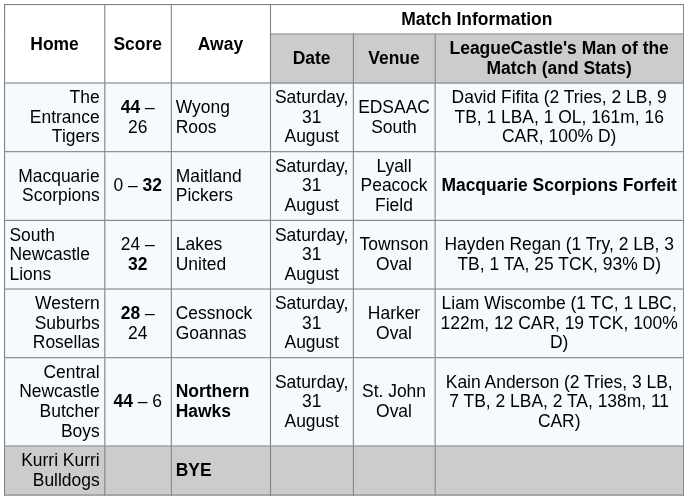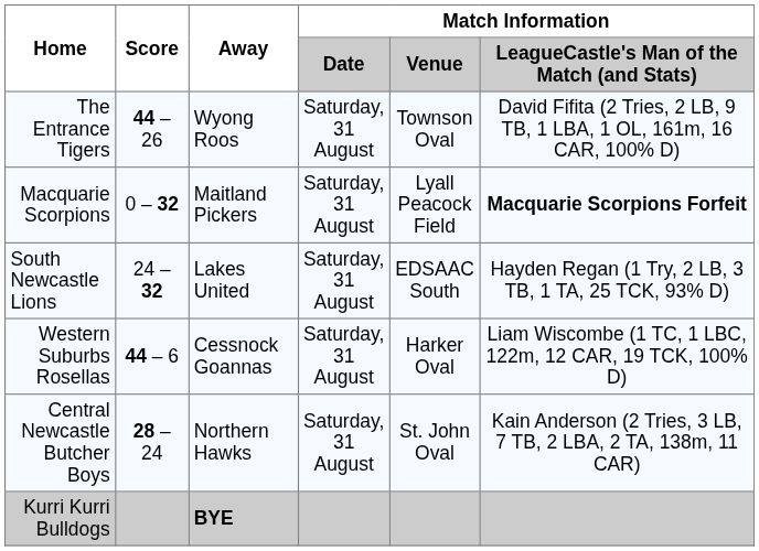 <table width="100%" cellspacing="0" cellpadding="4" border="1" style="border-collapse:collapse;  text-align:center;">
 <tr>
 <th rowspan="2" width="15%">Home</th>
 <th rowspan="2" width="10%">Score</th>
 <th rowspan="2" width="15%">Away</th>
 <th colspan="4">Match Information</th>
 </tr>
 <tr style="background:#CCCCCC">
 <th width="10%">Date</th>
 <th width="10%">Venue</th>
 <th width="40%">LeagueCastle's Man of the Match (and Stats)</th>
 </tr>
 <tr style="text-align:center; background:#f5faff;">
 <td align="right"> The Entrance Tigers</td>
 <td><strong>44</strong> – 26</td>
 <td align="left"> Wyong Roos</td>
 <td>Saturday, 31 August</td>
-<td>EDSAAC South</td>
+<td>Townson Oval</td>
 <td>David Fifita  (2 Tries, 2 LB, 9 TB, 1 LBA, 1 OL, 161m, 16 CAR, 100% D)</td>
 </tr>
 <tr style="text-align:center; background:#f5faff;">
 <td align="right"> Macquarie Scorpions</td>
 <td>0 – <strong>32</strong></td>
 <td align="left"> Maitland Pickers</td>
 <td>Saturday, 31 August</td>
 <td>Lyall Peacock Field</td>
 <td><strong>Macquarie Scorpions Forfeit</strong></td>
 </tr>
 <tr style="text-align:center; background:#f5faff;">
 <td align="left"> South Newcastle Lions</td>
 <td>24 – <strong>32</strong></td>
 <td align="left"> Lakes United</td>
 <td>Saturday, 31 August</td>
-<td>Townson Oval</td>
+<td>EDSAAC South</td>
 <td>Hayden Regan  (1 Try, 2 LB, 3 TB, 1 TA, 25 TCK, 93% D)</td>
 </tr>
 <tr style="text-align:center; background:#f5faff;">
 <td align="right"> Western Suburbs Rosellas</td>
-<td><strong>28</strong> – 24</td>
+<td><strong>44</strong> – 6</td>
 <td align="left"> Cessnock Goannas</td>
 <td>Saturday, 31 August</td>
 <td>Harker Oval</td>
 <td>Liam Wiscombe  (1 TC, 1 LBC, 122m, 12 CAR, 19 TCK, 100% D)</td>
 </tr>
 <tr style="text-align:center; background:#f5faff;">
 <td align="right"> Central Newcastle Butcher Boys</td>
-<td><strong>44</strong> – 6</td>
-<td align="left"><strong> Northern Hawks</strong></td>
+<td><strong>28</strong> – 24</td>
+<td align="left"> Northern Hawks</td>
 <td>Saturday, 31 August</td>
 <td>St. John Oval</td>
 <td>Kain Anderson  (2 Tries, 3 LB, 7 TB, 2 LBA, 2 TA, 138m, 11 CAR)</td>
 </tr>
 <tr style="text-align:center; background:#CCCCCC;">
 <td align="right"> Kurri Kurri Bulldogs</td>
 <td></td>
 <td align="left"><strong>BYE</strong></td>
 <td></td>
 <td></td>
 <td></td>
 </tr>
 </table>
